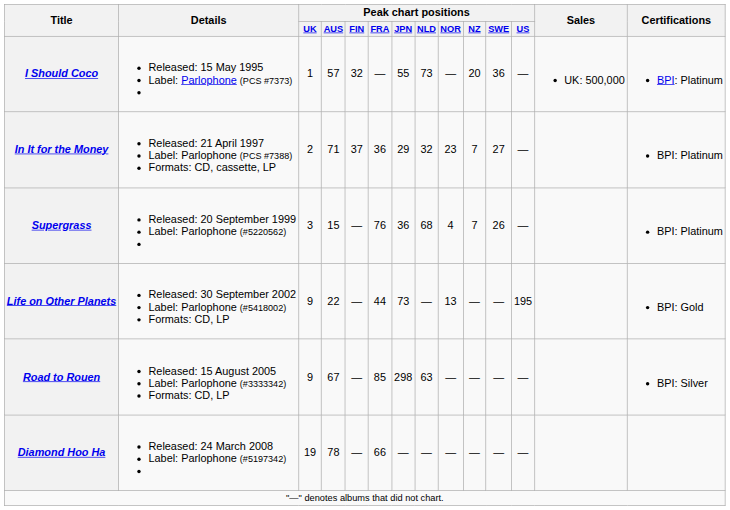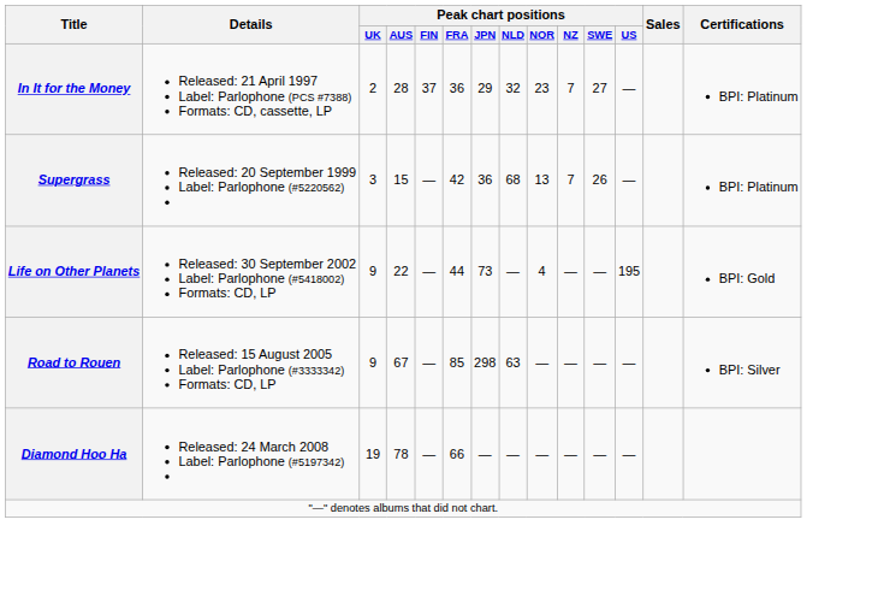 <table class="wikitable plainrowheaders">
 <tr>
 <th scope="col" rowspan="2">Title</th>
 <th scope="col" rowspan="2">Details</th>
 <th scope="col" colspan="10">Peak chart positions</th>
 <th scope="col" rowspan="2">Sales</th>
 <th scope="col" rowspan="2">Certifications</th>
 </tr>
 <tr>
 <th scope="col" style="width:2em;font-size:85%"><a href='#'>UK</a><br></th>
 <th scope="col" style="width:2em;font-size:85%"><a href='#'>AUS</a><br></th>
 <th scope="col" style="width:2em;font-size:85%"><a href='#'>FIN</a><br></th>
 <th scope="col" style="width:2em;font-size:85%"><a href='#'>FRA</a><br></th>
 <th scope="col" style="width:2em;font-size:85%"><a href='#'>JPN</a><br></th>
 <th scope="col" style="width:2em;font-size:85%"><a href='#'>NLD</a><br></th>
 <th scope="col" style="width:2em;font-size:85%"><a href='#'>NOR</a><br></th>
 <th scope="col" style="width:2em;font-size:85%"><a href='#'>NZ</a><br></th>
 <th scope="col" style="width:2em;font-size:85%"><a href='#'>SWE</a><br></th>
 <th scope="col" style="width:2em;font-size:85%"><a href='#'>US</a><br></th>
 </tr>
 <tr>
-<th scope="row"><em><a href='#'>I Should Coco</a></em></th>
-<td><br><ul><li>Released: 15 May 1995</li><li>Label: <a href='#'>Parlophone</a> <small>(PCS #7373)</small></li><li></li></ul></td>
-<td align="center">1</td>
-<td align="center">57</td>
-<td align="center">32</td>
-<td align="center">—</td>
-<td align="center">55</td>
-<td align="center">73</td>
-<td align="center">—</td>
-<td align="center">20</td>
-<td align="center">36</td>
-<td align="center">—</td>
-<td><br><ul><li>UK: 500,000</li></ul></td>
-<td><br><ul><li><a href='#'>BPI</a>: Platinum</li></ul></td>
-</tr>
-<tr>
 <th scope="row"><em><a href='#'>In It for the Money</a></em></th>
 <td><br><ul><li>Released: 21 April 1997</li><li>Label: Parlophone <small>(PCS #7388)</small></li><li>Formats: CD, cassette, LP</li></ul></td>
 <td align="center">2</td>
-<td align="center">71</td>
+<td align="center">28</td>
 <td align="center">37</td>
 <td align="center">36</td>
 <td align="center">29</td>
 <td align="center">32</td>
 <td align="center">23</td>
 <td align="center">7</td>
 <td align="center">27</td>
 <td align="center">—</td>
 <td></td>
 <td><br><ul><li>BPI: Platinum</li></ul></td>
 </tr>
 <tr>
 <th scope="row"><em><a href='#'>Supergrass</a></em></th>
 <td><br><ul><li>Released: 20 September 1999</li><li>Label: Parlophone <small>(#5220562)</small></li><li></li></ul></td>
 <td align="center">3</td>
 <td align="center">15</td>
 <td align="center">—</td>
-<td align="center">76</td>
+<td align="center">42</td>
 <td align="center">36</td>
 <td align="center">68</td>
-<td align="center">4</td>
+<td align="center">13</td>
 <td align="center">7</td>
 <td align="center">26</td>
 <td align="center">—</td>
 <td></td>
 <td><br><ul><li>BPI: Platinum</li></ul></td>
 </tr>
 <tr>
 <th scope="row"><em><a href='#'>Life on Other Planets</a></em></th>
 <td><br><ul><li>Released: 30 September 2002</li><li>Label: Parlophone <small>(#5418002)</small></li><li>Formats: CD, LP</li></ul></td>
 <td align="center">9</td>
 <td align="center">22</td>
 <td align="center">—</td>
 <td align="center">44</td>
 <td align="center">73</td>
 <td align="center">—</td>
-<td align="center">13</td>
+<td align="center">4</td>
 <td align="center">—</td>
 <td align="center">—</td>
 <td align="center">195</td>
 <td></td>
 <td><br><ul><li>BPI: Gold</li></ul></td>
 </tr>
 <tr>
 <th scope="row"><em><a href='#'>Road to Rouen</a></em></th>
 <td><br><ul><li>Released: 15 August 2005</li><li>Label: Parlophone <small>(#3333342)</small></li><li>Formats: CD, LP</li></ul></td>
 <td align="center">9</td>
 <td align="center">67</td>
 <td align="center">—</td>
 <td align="center">85</td>
 <td align="center">298</td>
 <td align="center">63</td>
 <td align="center">—</td>
 <td align="center">—</td>
 <td align="center">—</td>
 <td align="center">—</td>
 <td></td>
 <td><br><ul><li>BPI: Silver</li></ul></td>
 </tr>
 <tr>
 <th scope="row"><em><a href='#'>Diamond Hoo Ha</a></em></th>
 <td><br><ul><li>Released: 24 March 2008</li><li>Label: Parlophone <small>(#5197342)</small></li><li></li></ul></td>
 <td align="center">19<br></td>
 <td align="center">78</td>
 <td align="center">—</td>
 <td align="center">66</td>
 <td align="center">—</td>
 <td align="center">—</td>
 <td align="center">—</td>
 <td align="center">—</td>
 <td align="center">—</td>
 <td align="center">—</td>
 <td></td>
 <td></td>
 </tr>
 <tr>
 <td align="center" colspan="14" style="font-size: 85%">"—" denotes albums that did not chart.</td>
 </tr>
 </table>
